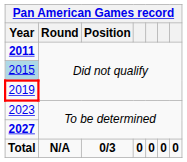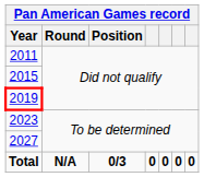 <table class="wikitable" style="text-align: center;">
 <tr>
 <th colspan=10><a href='#'>Pan American Games record</a></th>
 </tr>
 <tr>
 <th>Year</th>
 <th>Round</th>
 <th>Position</th>
 <th></th>
 <th></th>
 <th></th>
 <th></th>
 </tr>
 <tr>
-<td><strong> <a href='#'>2011</a></strong></td>
+<td> <a href='#'>2011</a></td>
 <td colspan=6 rowspan=3><em>Did not qualify</em></td>
 </tr>
 <tr>
-<td style="background: lightblue;"> <a href='#'>2015</a></td>
+<td> <a href='#'>2015</a></td>
 </tr>
 <tr>
 <td style="border: 3px solid red;"> <a href='#'>2019</a></td>
 </tr>
 <tr>
 <td> <a href='#'>2023</a></td>
 <td colspan=6 rowspan=2><em>To be determined</em></td>
 </tr>
 <tr>
-<td><strong> <a href='#'>2027</a></strong></td>
+<td> <a href='#'>2027</a></td>
 </tr>
 <tr>
 <td colspan=1><strong>Total</strong></td>
 <td><strong>N/A</strong></td>
 <td><strong>0/3</strong></td>
 <td><strong>0</strong></td>
 <td><strong>0</strong></td>
 <td><strong>0</strong></td>
 <td><strong>0</strong></td>
 </tr>
 </table>
